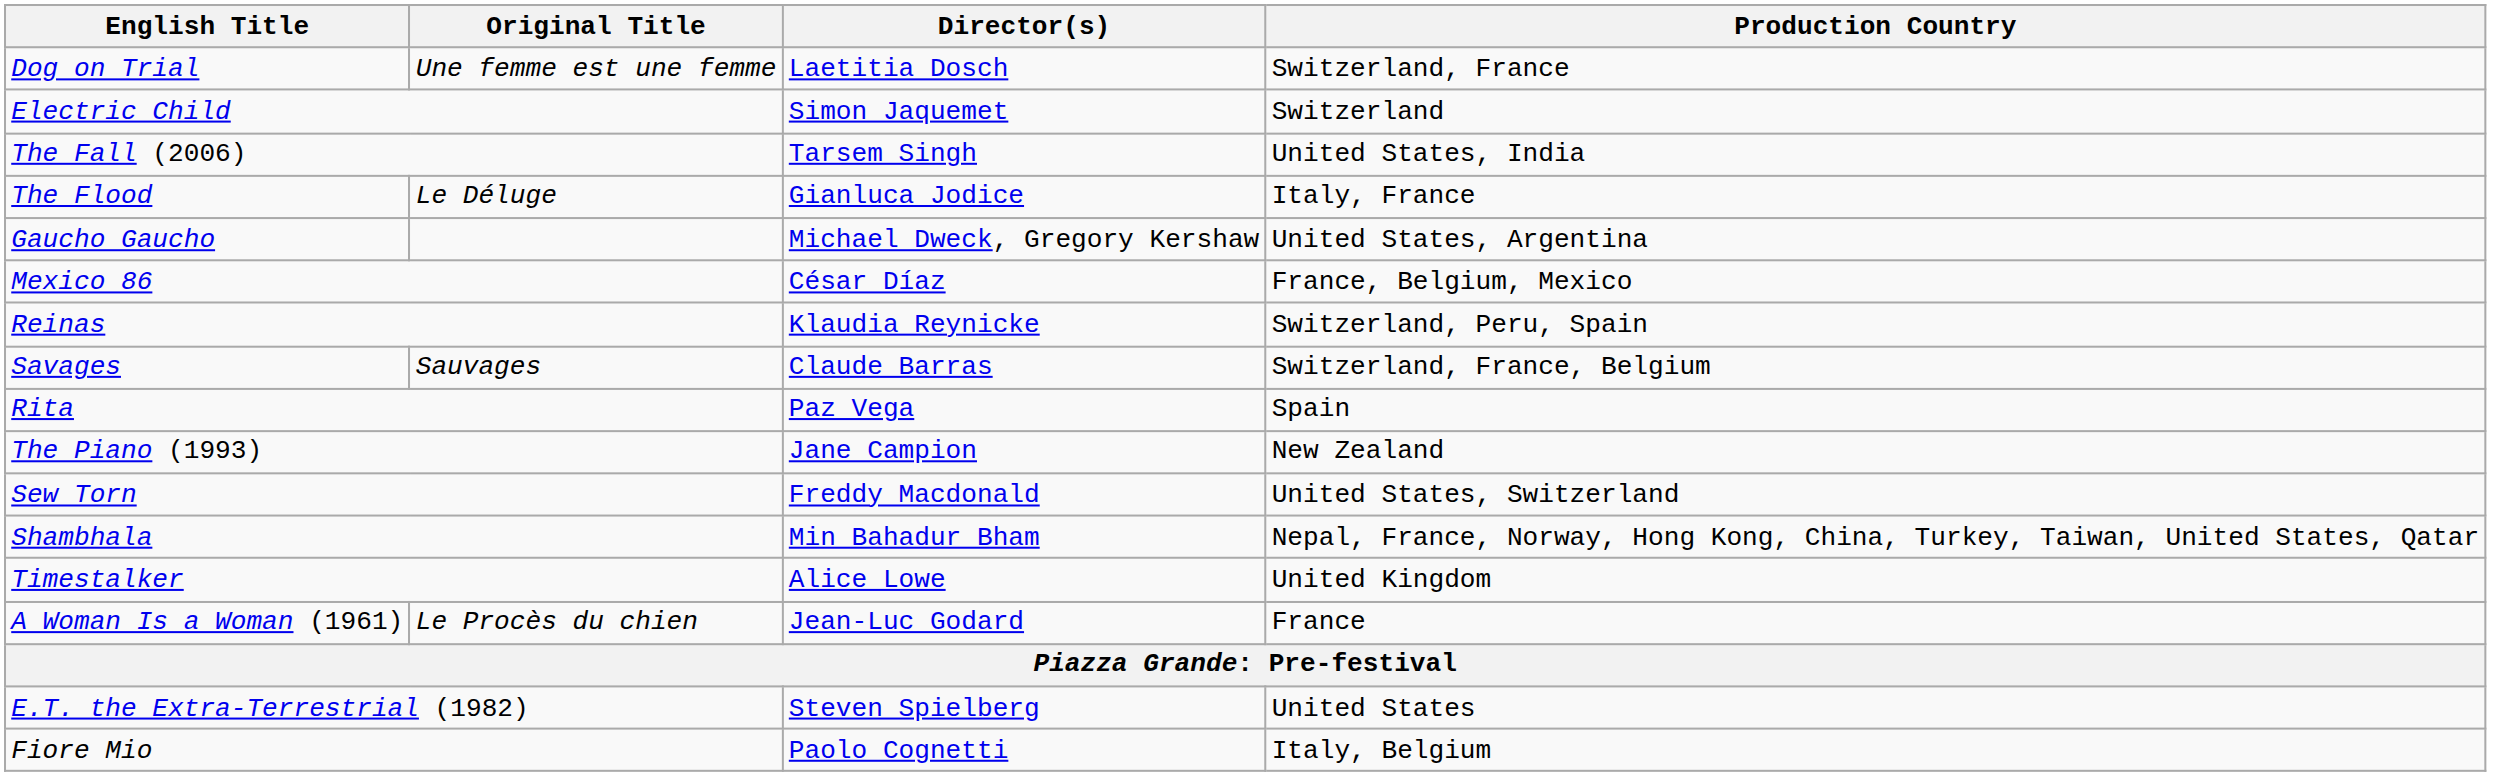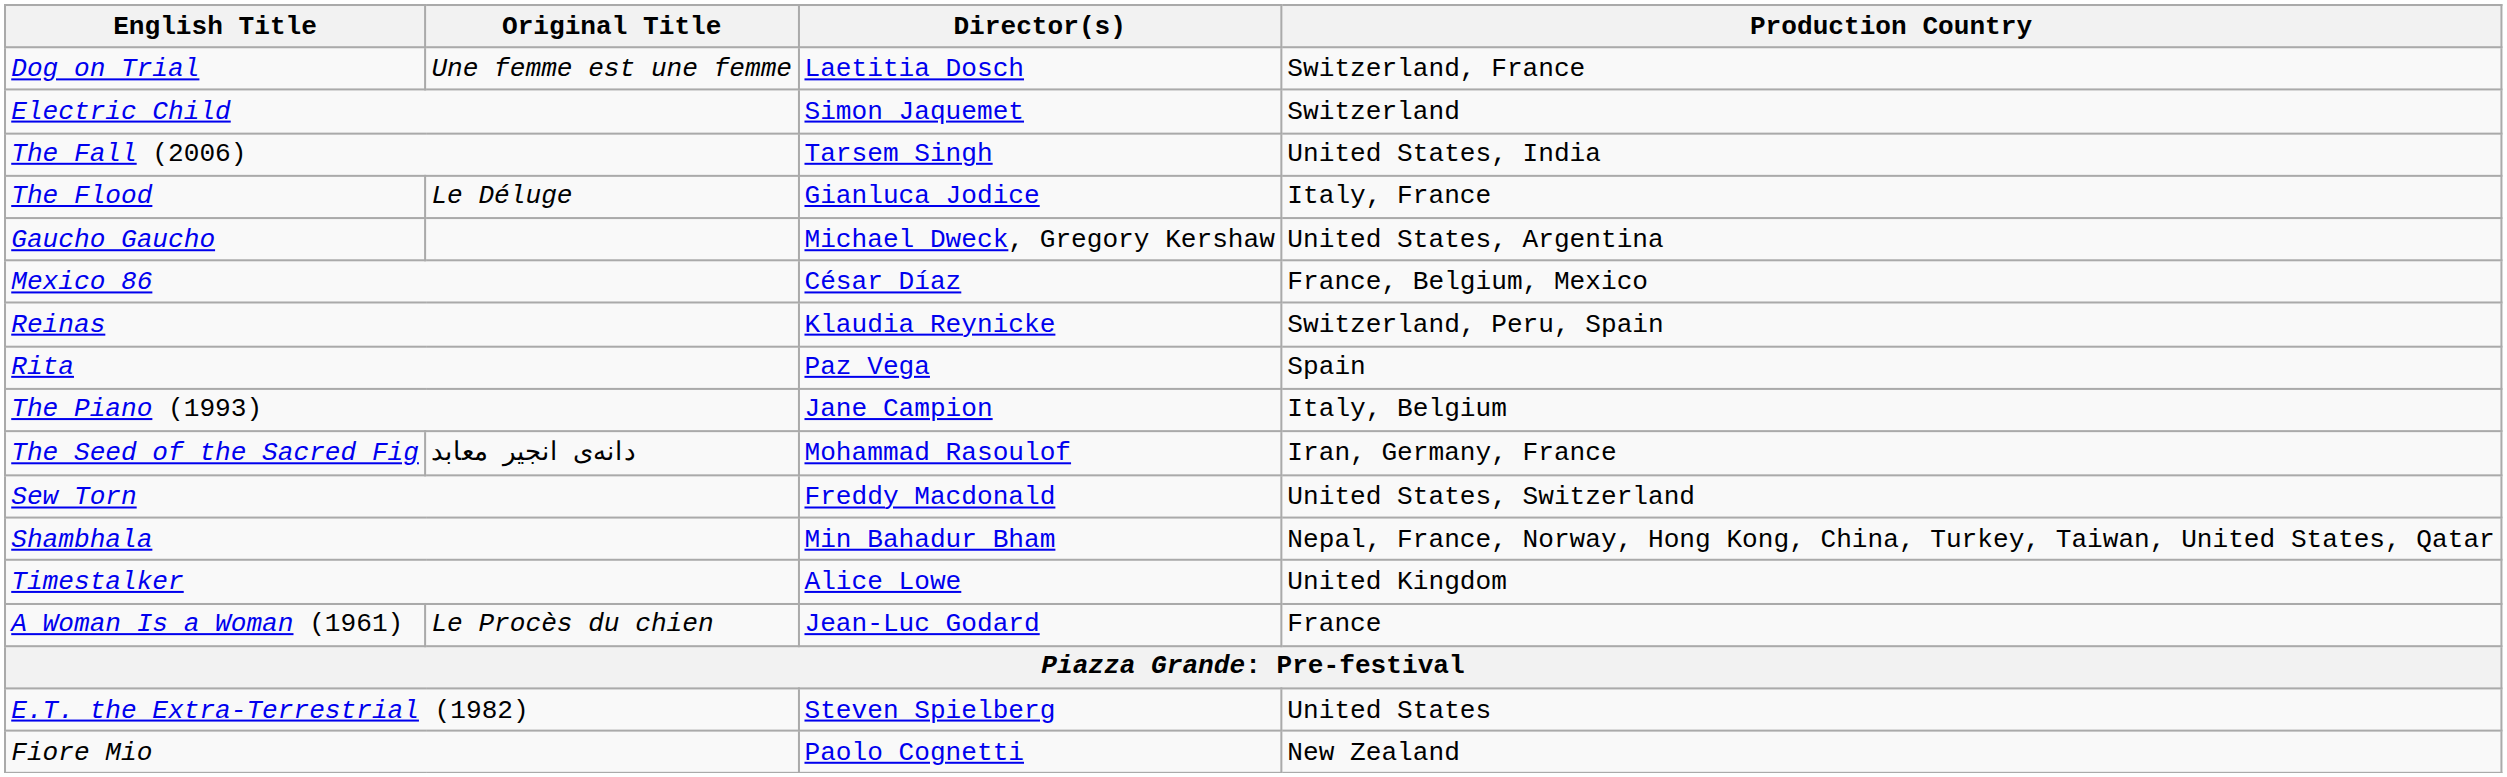 <table class="wikitable">
 <tr>
 <th scope="col">English Title</th>
 <th scope="col">Original Title</th>
 <th scope="col">Director(s)</th>
 <th scope="col">Production Country</th>
 </tr>
 <tr>
 <td><em><a href='#'>Dog on Trial</a></em></td>
 <td><em>Une femme est une femme</em></td>
 <td><a href='#'>Laetitia Dosch</a></td>
 <td>Switzerland, France</td>
 </tr>
 <tr>
 <td colspan="2"><em><a href='#'>Electric Child</a></em></td>
 <td><a href='#'>Simon Jaquemet</a></td>
 <td>Switzerland</td>
 </tr>
 <tr>
 <td colspan="2"><em><a href='#'>The Fall</a></em> (2006)</td>
 <td><a href='#'>Tarsem Singh</a></td>
 <td>United States, India</td>
 </tr>
 <tr>
 <td><em><a href='#'>The Flood</a></em></td>
 <td><em>Le Déluge</em></td>
 <td><a href='#'>Gianluca Jodice</a></td>
 <td>Italy, France</td>
 </tr>
 <tr>
 <td><em><a href='#'>Gaucho Gaucho</a></em></td>
 <td></td>
 <td><a href='#'>Michael Dweck</a>, Gregory Kershaw</td>
 <td>United States, Argentina</td>
 </tr>
 <tr>
 <td colspan="2"><em><a href='#'>Mexico 86</a></em></td>
 <td><a href='#'>César Díaz</a></td>
 <td>France, Belgium, Mexico</td>
 </tr>
 <tr>
 <td colspan="2"><em><a href='#'>Reinas</a></em></td>
 <td><a href='#'>Klaudia Reynicke</a></td>
 <td>Switzerland, Peru, Spain</td>
 </tr>
 <tr>
-<td><em><a href='#'>Savages</a></em></td>
-<td><em>Sauvages</em></td>
-<td><a href='#'>Claude Barras</a></td>
-<td>Switzerland, France, Belgium</td>
-</tr>
-<tr>
 <td colspan="2"><em><a href='#'>Rita</a></em></td>
 <td><a href='#'>Paz Vega</a></td>
 <td>Spain</td>
 </tr>
 <tr>
 <td colspan="2"><em><a href='#'>The Piano</a></em> (1993)</td>
 <td><a href='#'>Jane Campion</a></td>
-<td>New Zealand</td>
+<td>Italy, Belgium</td>
+</tr>
+<tr>
+<td><em><a href='#'>The Seed of the Sacred Fig</a></em></td>
+<td>دانه‌ی انجیر معابد</td>
+<td><a href='#'>Mohammad Rasoulof</a></td>
+<td>Iran, Germany, France</td>
 </tr>
 <tr>
 <td colspan="2"><em><a href='#'>Sew Torn</a></em></td>
 <td><a href='#'>Freddy Macdonald</a></td>
 <td>United States, Switzerland</td>
 </tr>
 <tr>
 <td colspan="2"><em><a href='#'>Shambhala</a></em></td>
 <td><a href='#'>Min Bahadur Bham</a></td>
 <td>Nepal, France, Norway, Hong Kong, China, Turkey, Taiwan, United States, Qatar</td>
 </tr>
 <tr>
 <td colspan="2"><em><a href='#'>Timestalker</a></em></td>
 <td><a href='#'>Alice Lowe</a></td>
 <td>United Kingdom</td>
 </tr>
 <tr>
 <td><em><a href='#'>A Woman Is a Woman</a></em> (1961)</td>
 <td><em>Le Procès du chien</em></td>
 <td><a href='#'>Jean-Luc Godard</a></td>
 <td>France</td>
 </tr>
 <tr>
 <th colspan="4"><em>Piazza Grande</em>: Pre-festival</th>
 </tr>
 <tr>
 <td colspan="2"><em><a href='#'>E.T. the Extra-Terrestrial</a></em> (1982)</td>
 <td><a href='#'>Steven Spielberg</a></td>
 <td>United States</td>
 </tr>
 <tr>
 <td colspan="2"><em>Fiore Mio</em></td>
 <td><a href='#'>Paolo Cognetti</a></td>
-<td>Italy, Belgium</td>
+<td>New Zealand</td>
 </tr>
 </table>
